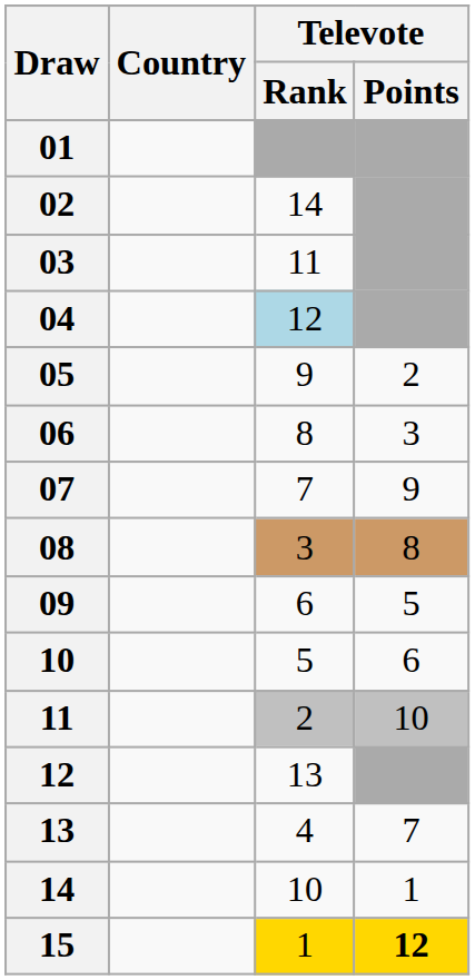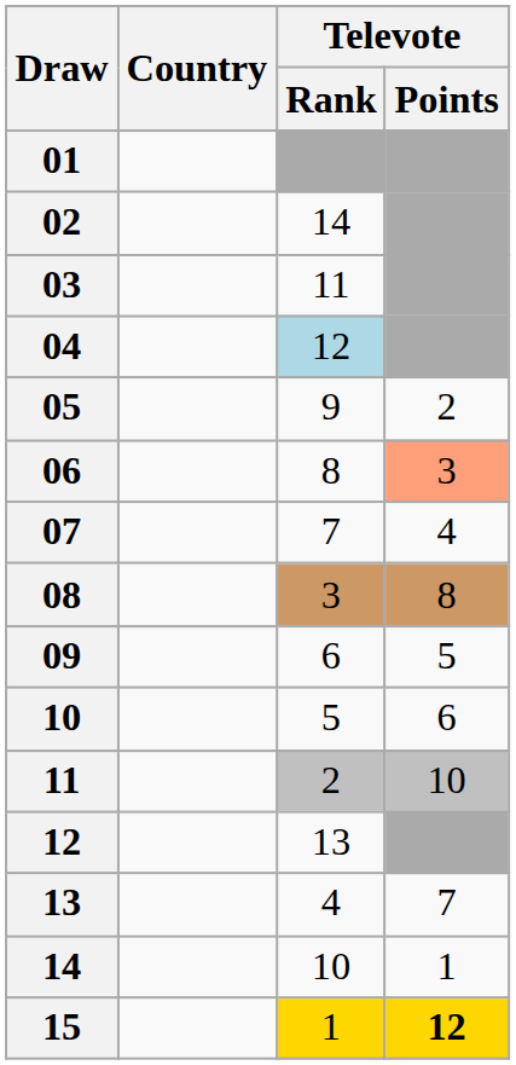 <table class="sortable wikitable collapsible plainrowheaders" style="text-align:center;">
 <tr>
 </tr>
 <tr>
 <th scope="col" rowspan="2">Draw</th>
 <th scope="col" rowspan="2">Country</th>
 <th scope="col" colspan="2">Televote</th>
 </tr>
 <tr>
 <th scope="col">Rank</th>
 <th scope="col">Points</th>
 </tr>
 <tr class=sortbottom>
 <th scope="row" style="text-align:center;">01</th>
 <td style="text-align:left;"></td>
 <td style="background:#AAAAAA;"></td>
 <td style="background:#AAAAAA;"></td>
 </tr>
 <tr>
 <th scope="row" style="text-align:center;">02</th>
 <td style="text-align:left;"></td>
 <td>14</td>
 <td style="background:#AAAAAA;"></td>
 </tr>
 <tr>
 <th scope="row" style="text-align:center;">03</th>
 <td style="text-align:left;"></td>
 <td>11</td>
 <td style="background:#AAAAAA;"></td>
 </tr>
 <tr>
 <th scope="row" style="text-align:center;">04</th>
 <td style="text-align:left;"></td>
 <td style="background: lightblue;">12</td>
 <td style="background:#AAAAAA;"></td>
 </tr>
 <tr>
 <th scope="row" style="text-align:center;">05</th>
 <td style="text-align:left;"></td>
 <td>9</td>
 <td>2</td>
 </tr>
 <tr>
 <th scope="row" style="text-align:center;">06</th>
 <td style="text-align:left;"></td>
 <td>8</td>
-<td>3</td>
+<td style="background: lightsalmon;">3</td>
 </tr>
 <tr>
 <th scope="row" style="text-align:center;">07</th>
 <td style="text-align:left;"></td>
 <td>7</td>
-<td>9</td>
+<td>4</td>
 </tr>
 <tr>
 <th scope="row" style="text-align:center;">08</th>
 <td style="text-align:left;"></td>
 <td style="background:#CC9966;">3</td>
 <td style="background:#CC9966;">8</td>
 </tr>
 <tr>
 <th scope="row" style="text-align:center;">09</th>
 <td style="text-align:left;"></td>
 <td>6</td>
 <td>5</td>
 </tr>
 <tr>
 <th scope="row" style="text-align:center;">10</th>
 <td style="text-align:left;"></td>
 <td>5</td>
 <td>6</td>
 </tr>
 <tr>
 <th scope="row" style="text-align:center;">11</th>
 <td style="text-align:left;"></td>
 <td style="background:silver;">2</td>
 <td style="background:silver;">10</td>
 </tr>
 <tr>
 <th scope="row" style="text-align:center;">12</th>
 <td style="text-align:left;"></td>
 <td>13</td>
 <td style="background:#AAAAAA;"></td>
 </tr>
 <tr>
 <th scope="row" style="text-align:center;">13</th>
 <td style="text-align:left;"></td>
 <td>4</td>
 <td>7</td>
 </tr>
 <tr>
 <th scope="row" style="text-align:center;">14</th>
 <td style="text-align:left;"></td>
 <td>10</td>
 <td>1</td>
 </tr>
 <tr>
 <th scope="row" style="text-align:center;">15</th>
 <td style="text-align:left;"></td>
 <td style="background:gold;">1</td>
 <td style="background:gold;"><strong>12</strong></td>
 </tr>
 </table>
